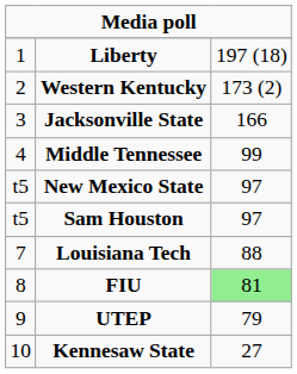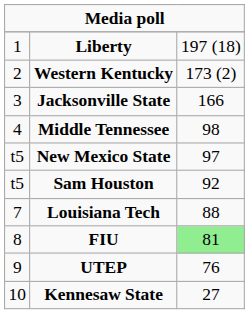 <table class="wikitable">
 <tr align="center">
 <td align="center" Colspan="3"><strong>Media poll</strong></td>
 </tr>
 <tr align="center">
 </tr>
 <tr align="center">
 <td>1</td>
 <td><strong>Liberty</strong></td>
 <td>197 (18)</td>
 </tr>
 <tr align="center">
 <td>2</td>
 <td><strong>Western Kentucky</strong></td>
 <td>173 (2)</td>
 </tr>
 <tr align="center">
 <td>3</td>
 <td><strong>Jacksonville State</strong></td>
 <td>166</td>
 </tr>
 <tr align="center">
 <td>4</td>
 <td><strong>Middle Tennessee</strong></td>
-<td>99</td>
+<td>98</td>
 </tr>
 <tr align="center">
 <td>t5</td>
 <td><strong>New Mexico State</strong></td>
 <td>97</td>
 </tr>
 <tr align="center">
 <td>t5</td>
 <td><strong>Sam Houston</strong></td>
-<td>97</td>
+<td>92</td>
 </tr>
 <tr align="center">
 <td>7</td>
 <td><strong>Louisiana Tech</strong></td>
 <td>88</td>
 </tr>
 <tr align="center">
 <td>8</td>
 <td><strong>FIU</strong></td>
 <td style="background: lightgreen;">81</td>
 </tr>
 <tr align="center">
 <td>9</td>
 <td><strong>UTEP</strong></td>
-<td>79</td>
+<td>76</td>
 </tr>
 <tr align="center">
 <td>10</td>
 <td><strong>Kennesaw State</strong></td>
 <td>27</td>
 </tr>
 </table>
